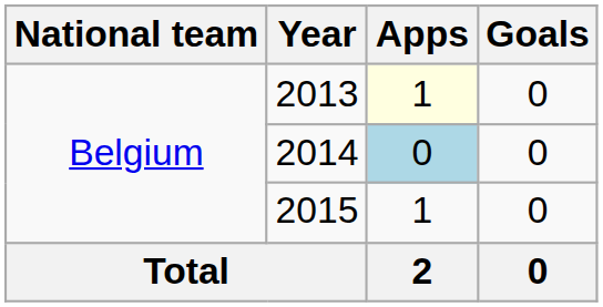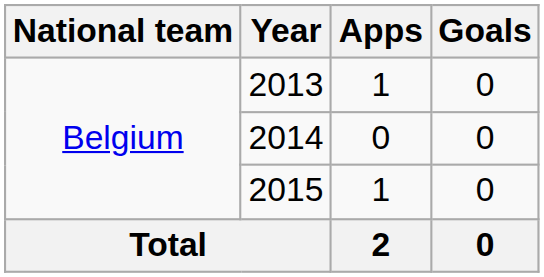 <table class="wikitable" style="text-align:center">
 <tr>
 <th>National team</th>
 <th>Year</th>
 <th>Apps</th>
 <th>Goals</th>
 </tr>
 <tr>
 <td rowspan="3"><a href='#'>Belgium</a></td>
 <td>2013</td>
-<td style="background: lightyellow;">1</td>
+<td>1</td>
 <td>0</td>
 </tr>
 <tr>
 <td>2014</td>
-<td style="background: lightblue;">0</td>
+<td>0</td>
 <td>0</td>
 </tr>
 <tr>
 <td>2015</td>
 <td>1</td>
 <td>0</td>
 </tr>
 <tr>
 <th colspan="2">Total</th>
 <th>2</th>
 <th>0</th>
 </tr>
 </table>
